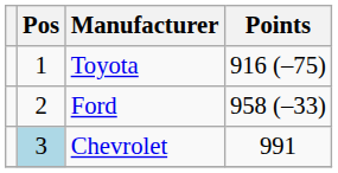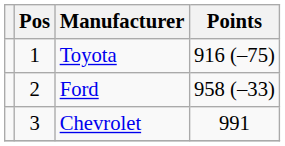 <table class="wikitable" style="font-size: 95%">
 <tr>
 <th></th>
 <th>Pos</th>
 <th>Manufacturer</th>
 <th>Points</th>
 </tr>
 <tr>
 <td align="left"></td>
 <td style="text-align:center;">1</td>
 <td><a href='#'>Toyota</a></td>
 <td style="text-align:center;">916 (–75)</td>
 </tr>
 <tr>
 <td align="left"></td>
 <td style="text-align:center;">2</td>
 <td><a href='#'>Ford</a></td>
 <td style="text-align:center;">958 (–33)</td>
 </tr>
 <tr>
 <td align="left"></td>
-<td style="background: lightblue; text-align:center;">3</td>
+<td style="text-align:center;">3</td>
 <td><a href='#'>Chevrolet</a></td>
 <td style="text-align:center;">991</td>
 </tr>
 <tr class="sortbottom">
 </tr>
 </table>
